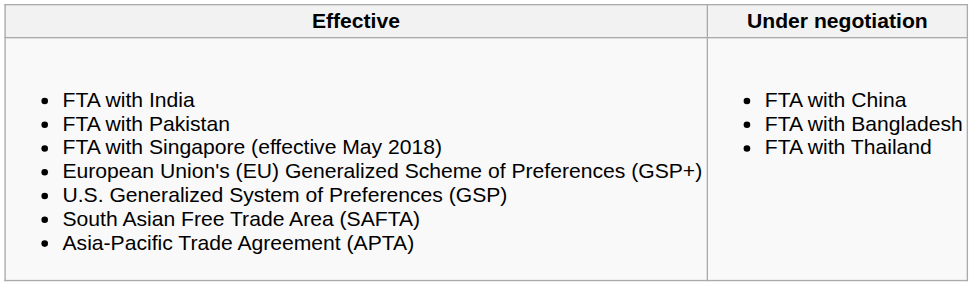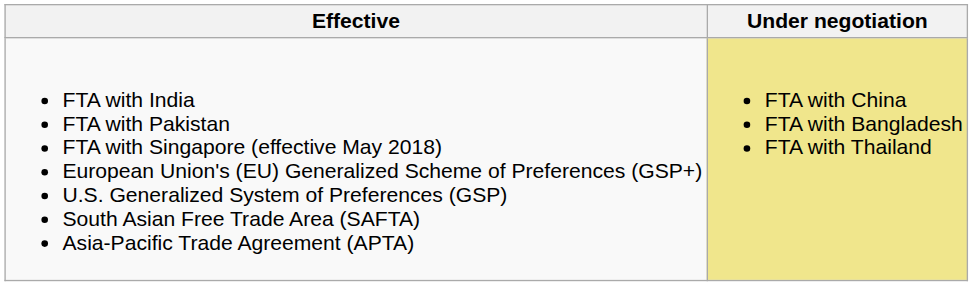 <table class="wikitable" style="margin:auto;">
 <tr>
 <th>Effective</th>
 <th>Under negotiation</th>
 </tr>
 <tr>
 <td><br><ul><li>FTA with India</li><li>FTA with Pakistan</li><li>FTA with Singapore (effective May 2018)</li><li>European Union's (EU) Generalized Scheme of Preferences (GSP+)</li><li>U.S. Generalized System of Preferences (GSP)</li><li>South Asian Free Trade Area (SAFTA)</li><li>Asia-Pacific Trade Agreement (APTA)</li></ul></td>
-<td valign=top><br><ul><li>FTA with China</li><li>FTA with Bangladesh </li><li>FTA with Thailand</li></ul></td>
+<td valign=top style="background: khaki;"><br><ul><li>FTA with China</li><li>FTA with Bangladesh </li><li>FTA with Thailand</li></ul></td>
 </tr>
 </table>
